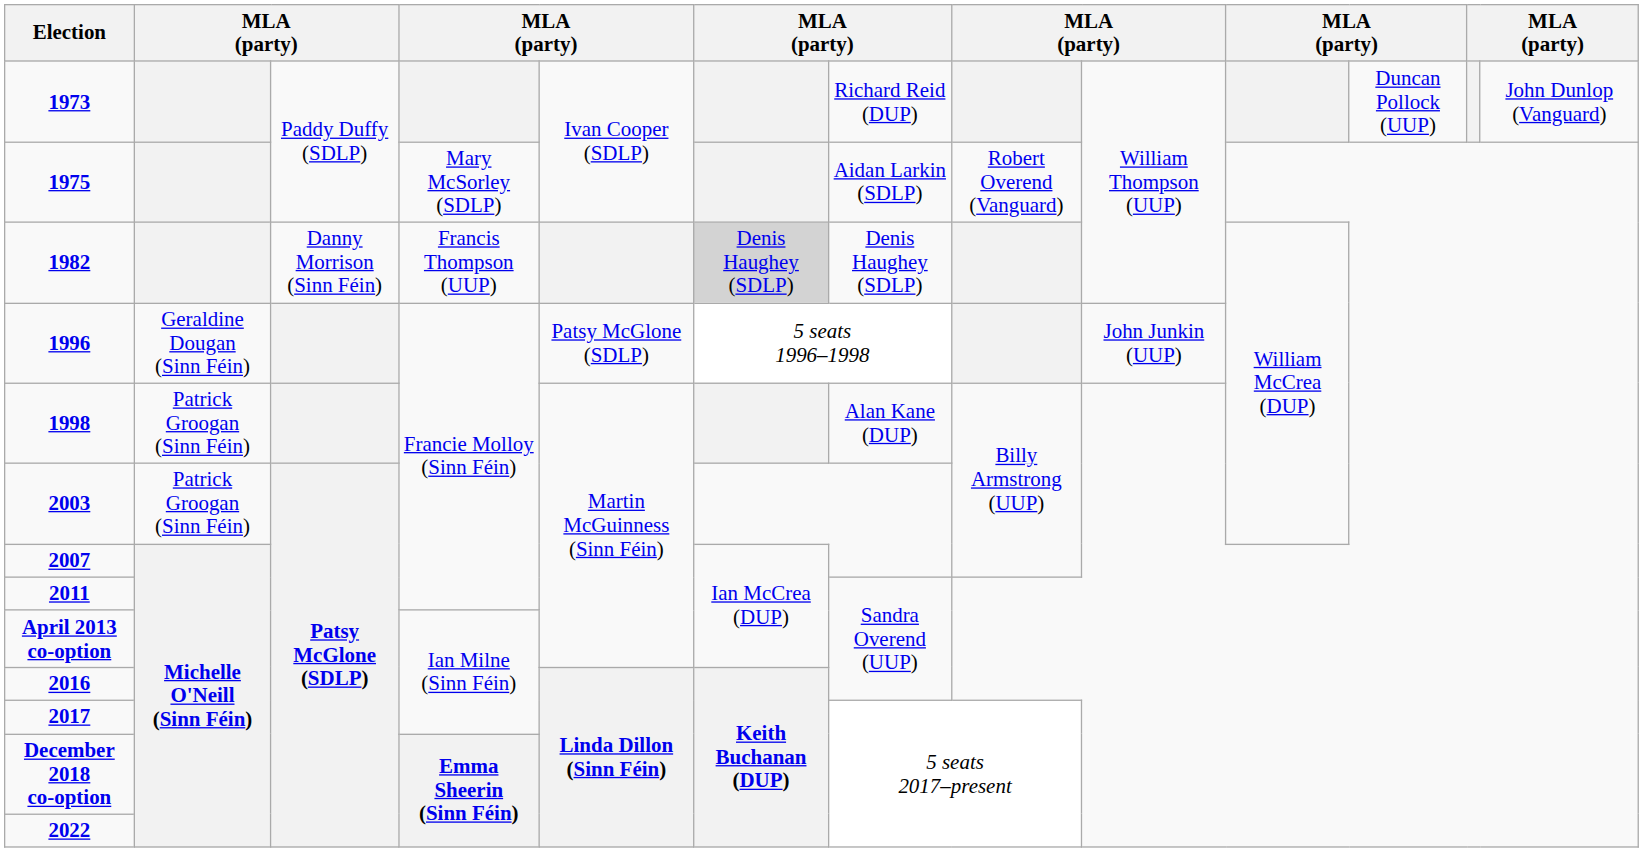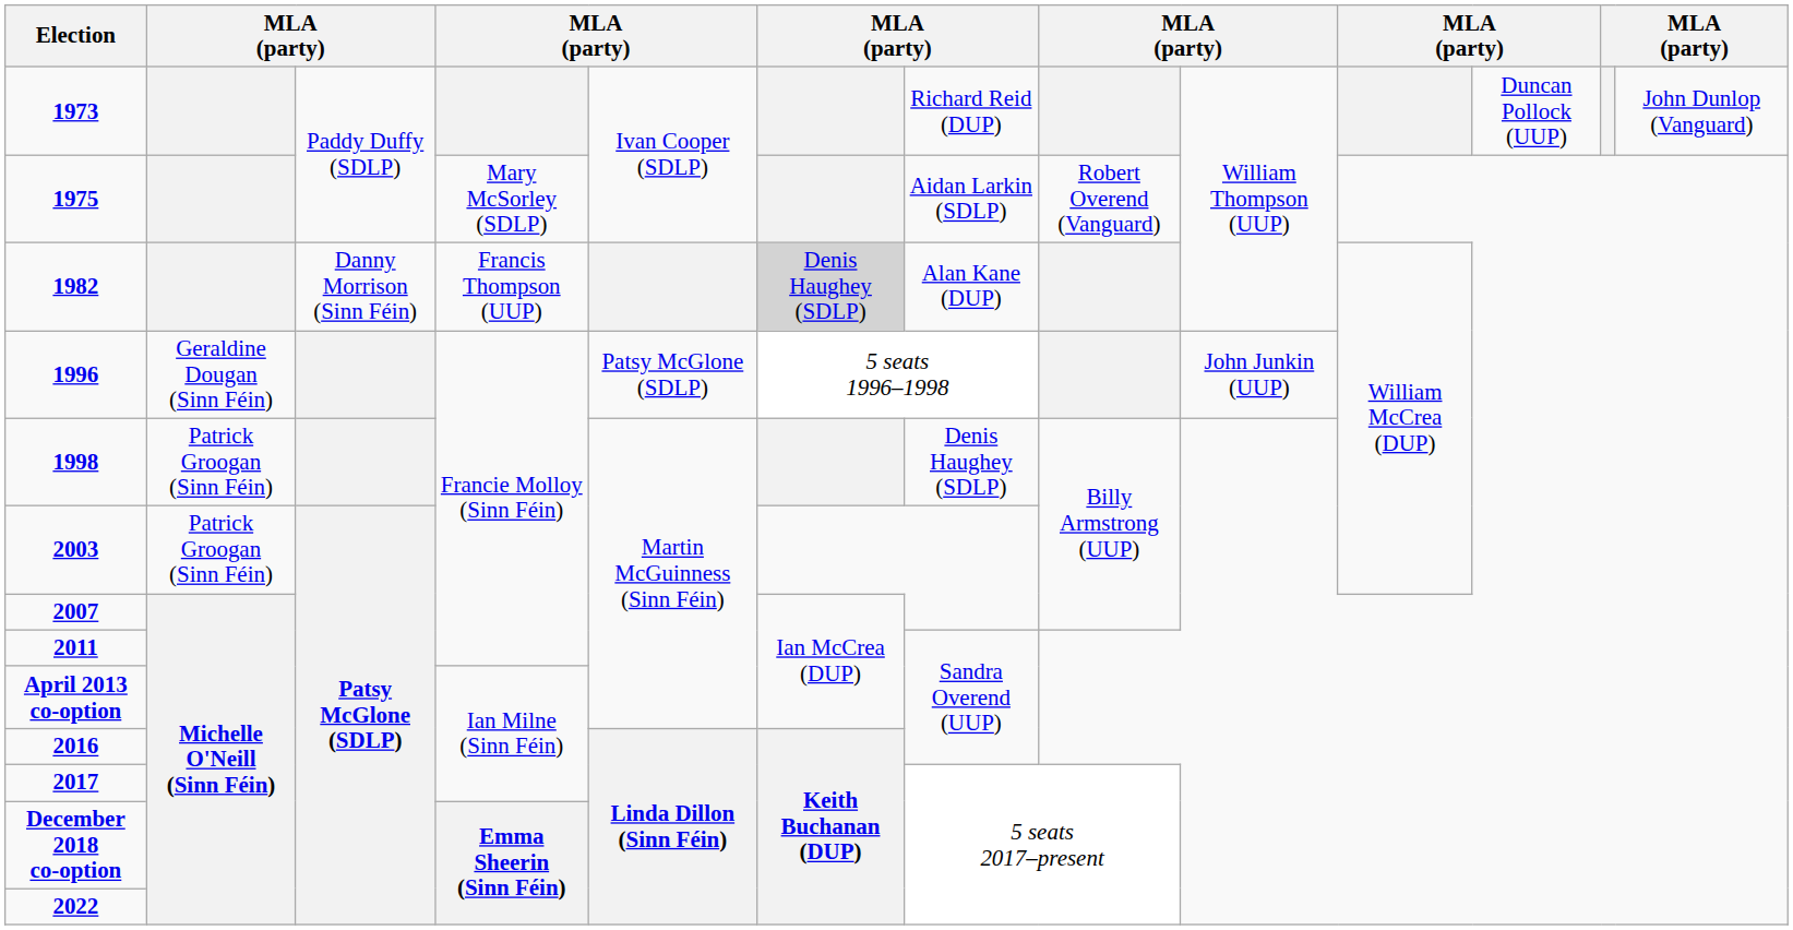 <table class="wikitable" style="text-align:center">
 <tr>
 <th>Election</th>
 <th scope="col" width="150" colspan = "2">MLA<br> (party)</th>
 <th scope="col" width="150" colspan = "2">MLA<br> (party)</th>
 <th scope="col" width="150" colspan = "2">MLA<br> (party)</th>
 <th scope="col" width="150" colspan = "2">MLA<br> (party)</th>
 <th scope="col" width="150" colspan = "2">MLA<br> (party)</th>
 <th scope="col" width="150" colspan = "2">MLA<br> (party)</th>
 </tr>
 <tr>
 <td><strong><a href='#'>1973</a></strong></td>
 <th style="background-color: "></th>
 <td rowspan=2><a href='#'>Paddy Duffy</a><br>(<a href='#'>SDLP</a>)</td>
 <th style="background-color: "></th>
 <td rowspan=2><a href='#'>Ivan Cooper</a><br>(<a href='#'>SDLP</a>)</td>
 <th style="background-color: "></th>
 <td><a href='#'>Richard Reid</a><br>(<a href='#'>DUP</a>)</td>
 <th style="background-color: "></th>
 <td rowspan=3><a href='#'>William Thompson</a><br>(<a href='#'>UUP</a>)</td>
 <th style="background-color: "></th>
 <td><a href='#'>Duncan Pollock</a><br>(<a href='#'>UUP</a>)</td>
 <th style="background-color: "></th>
 <td><a href='#'>John Dunlop</a><br>(<a href='#'>Vanguard</a>)</td>
 </tr>
 <tr>
 <td><strong><a href='#'>1975</a></strong></td>
 <th style="background-color: "></th>
 <td><a href='#'>Mary McSorley</a><br>(<a href='#'>SDLP</a>)</td>
 <th style="background-color: "></th>
 <td><a href='#'>Aidan Larkin</a><br>(<a href='#'>SDLP</a>)</td>
 <td><a href='#'>Robert Overend</a><br>(<a href='#'>Vanguard</a>)</td>
 </tr>
 <tr>
 <td><strong><a href='#'>1982</a></strong></td>
 <th style="background-color: "></th>
 <td><a href='#'>Danny Morrison</a><br>(<a href='#'>Sinn Féin</a>)</td>
 <td><a href='#'>Francis Thompson</a><br>(<a href='#'>UUP</a>)</td>
 <th style="background-color: "></th>
 <td style="background: lightgrey;"><a href='#'>Denis Haughey</a><br>(<a href='#'>SDLP</a>)</td>
-<td><a href='#'>Denis Haughey</a><br>(<a href='#'>SDLP</a>)</td>
+<td><a href='#'>Alan Kane</a><br>(<a href='#'>DUP</a>)</td>
 <th style="background-color: "></th>
 <td rowspan=4><a href='#'>William McCrea</a><br>(<a href='#'>DUP</a>)</td>
 </tr>
 <tr>
 <td><strong><a href='#'>1996</a></strong></td>
 <td><a href='#'>Geraldine Dougan</a><br>(<a href='#'>Sinn Féin</a>)</td>
 <th style="background-color: "></th>
 <td rowspan=5><a href='#'>Francie Molloy</a><br>(<a href='#'>Sinn Féin</a>)</td>
 <td><a href='#'>Patsy McGlone</a><br>(<a href='#'>SDLP</a>)</td>
 <td style="background-color:white" colspan=2><em>5 seats<br>1996–1998</em></td>
 <th style="background-color: "></th>
 <td><a href='#'>John Junkin</a><br>(<a href='#'>UUP</a>)</td>
 </tr>
 <tr>
 <td><strong><a href='#'>1998</a></strong></td>
 <td><a href='#'>Patrick Groogan</a><br>(<a href='#'>Sinn Féin</a>)</td>
 <th style="background-color: "></th>
 <td rowspan=5><a href='#'>Martin McGuinness</a><br>(<a href='#'>Sinn Féin</a>)</td>
 <th style="background-color: "></th>
-<td><a href='#'>Alan Kane</a><br>(<a href='#'>DUP</a>)</td>
+<td><a href='#'>Denis Haughey</a><br>(<a href='#'>SDLP</a>)</td>
 <td rowspan=3><a href='#'>Billy Armstrong</a><br>(<a href='#'>UUP</a>)</td>
 </tr>
 <tr>
 <td><strong><a href='#'>2003</a></strong></td>
 <td><a href='#'>Patrick Groogan</a><br>(<a href='#'>Sinn Féin</a>)</td>
 <th rowspan=8><a href='#'>Patsy McGlone</a><br>(<a href='#'>SDLP</a>)</th>
 </tr>
 <tr>
 <td><strong><a href='#'>2007</a></strong></td>
 <th rowspan=7><a href='#'>Michelle O'Neill</a><br>(<a href='#'>Sinn Féin</a>)</th>
 <td rowspan=3><a href='#'>Ian McCrea</a><br>(<a href='#'>DUP</a>)</td>
 </tr>
 <tr>
 <td><strong><a href='#'>2011</a></strong></td>
 <td rowspan=3><a href='#'>Sandra Overend</a><br>(<a href='#'>UUP</a>)</td>
 </tr>
 <tr>
 <td><strong><a href='#'>April 2013<br>co-option</a></strong></td>
 <td rowspan=3><a href='#'>Ian Milne</a><br>(<a href='#'>Sinn Féin</a>)</td>
 </tr>
 <tr>
 <td><strong><a href='#'>2016</a></strong></td>
 <th rowspan=4><a href='#'>Linda Dillon</a><br>(<a href='#'>Sinn Féin</a>)</th>
 <th rowspan=4><a href='#'>Keith Buchanan</a><br>(<a href='#'>DUP</a>)</th>
 </tr>
 <tr>
 <td><strong><a href='#'>2017</a></strong></td>
 <td style="background-color:#FFFFFF" colspan=2 rowspan=3><em>5 seats<br>2017–present</em></td>
 </tr>
 <tr>
 <td><strong><a href='#'>December 2018<br>co-option</a></strong></td>
 <th rowspan=2><a href='#'>Emma Sheerin</a><br>(<a href='#'>Sinn Féin</a>)</th>
 </tr>
 <tr>
 <td><strong><a href='#'>2022</a></strong></td>
 </tr>
 </table>
